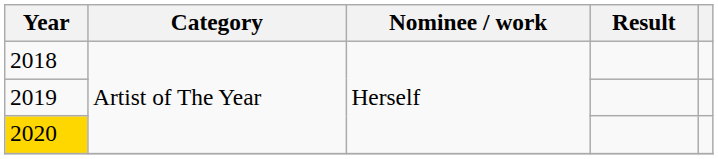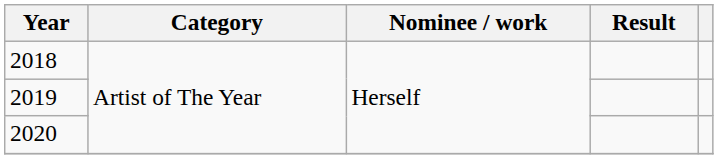 <table class="wikitable" style="width:55%;">
 <tr>
 <th>Year</th>
 <th>Category</th>
 <th>Nominee / work</th>
 <th>Result</th>
 <th></th>
 </tr>
 <tr>
 <td>2018</td>
 <td rowspan="3">Artist of The Year</td>
 <td rowspan="3">Herself</td>
 <td></td>
 <td></td>
 </tr>
 <tr>
 <td>2019</td>
 <td></td>
 <td></td>
 </tr>
 <tr>
-<td style="background: gold;">2020</td>
+<td>2020</td>
 <td></td>
 <td></td>
 </tr>
 <tr>
 </tr>
 </table>
